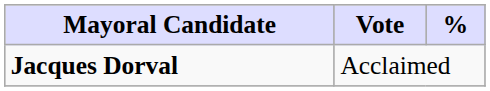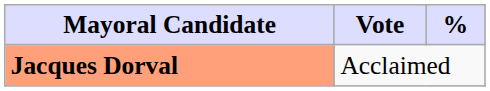 <table class="wikitable">
 <tr>
 <th style="background:#ddf; width:200px;">Mayoral Candidate</th>
 <th style="background:#ddf; width:50px;">Vote</th>
 <th style="background:#ddf; width:30px;">%</th>
 </tr>
 <tr>
-<td><strong>Jacques Dorval</strong></td>
+<td style="background: lightsalmon;"><strong>Jacques Dorval</strong></td>
 <td colspan="2">Acclaimed</td>
 </tr>
 </table>
